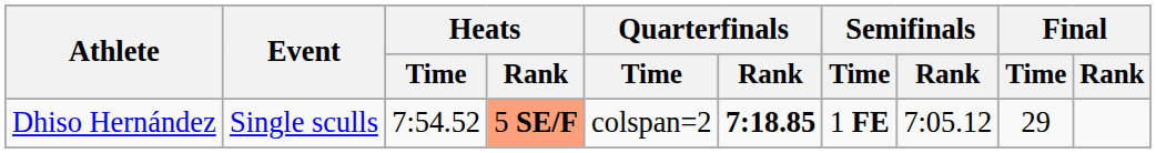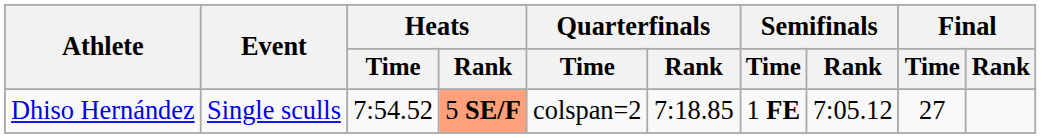 <table class="wikitable" style="font-size:90%">
 <tr>
 <th rowspan="2">Athlete</th>
 <th rowspan="2">Event</th>
 <th colspan="2">Heats</th>
 <th colspan="2">Quarterfinals</th>
 <th colspan="2">Semifinals</th>
 <th colspan="2">Final</th>
 </tr>
 <tr style="font-size:95%">
 <th>Time</th>
 <th>Rank</th>
 <th>Time</th>
 <th>Rank</th>
 <th>Time</th>
 <th>Rank</th>
 <th>Time</th>
 <th>Rank</th>
 </tr>
 <tr align=center>
 <td align=left><a href='#'>Dhiso Hernández</a></td>
 <td align=left><a href='#'>Single sculls</a></td>
 <td>7:54.52</td>
 <td style="background: lightsalmon;">5 <strong>SE/F</strong></td>
 <td>colspan=2 </td>
-<td><strong>7:18.85</strong></td>
+<td>7:18.85</td>
 <td>1 <strong>FE</strong></td>
 <td>7:05.12</td>
-<td>29</td>
+<td>27</td>
 </tr>
 </table>
